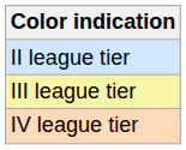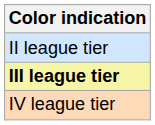 <table class="wikitable">
 <tr>
 <th>Color indication</th>
 </tr>
 <tr bgcolor=#D0E7FF>
 <td>II league tier</td>
 </tr>
 <tr bgcolor=#F7F6A8>
-<td>III league tier</td>
+<td><strong>III league tier</strong></td>
 </tr>
 <tr bgcolor=#FFDAB9>
 <td>IV league tier</td>
 </tr>
 </table>
